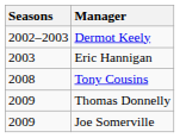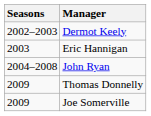 <table class="wikitable">
 <tr>
 <th style="text-align:left">Seasons</th>
 <th style="text-align:left">Manager</th>
 </tr>
 <tr>
 <td>2002–2003</td>
 <td> <a href='#'>Dermot Keely</a></td>
 </tr>
 <tr>
 <td>2003</td>
 <td> Eric Hannigan</td>
 </tr>
 <tr>
-<td>2008</td>
-<td> <a href='#'>Tony Cousins</a></td>
+<td>2004–2008</td>
+<td> <a href='#'>John Ryan</a></td>
 </tr>
 <tr>
 <td>2009</td>
 <td> Thomas Donnelly</td>
 </tr>
 <tr>
 <td>2009</td>
 <td> Joe Somerville</td>
 </tr>
 </table>
